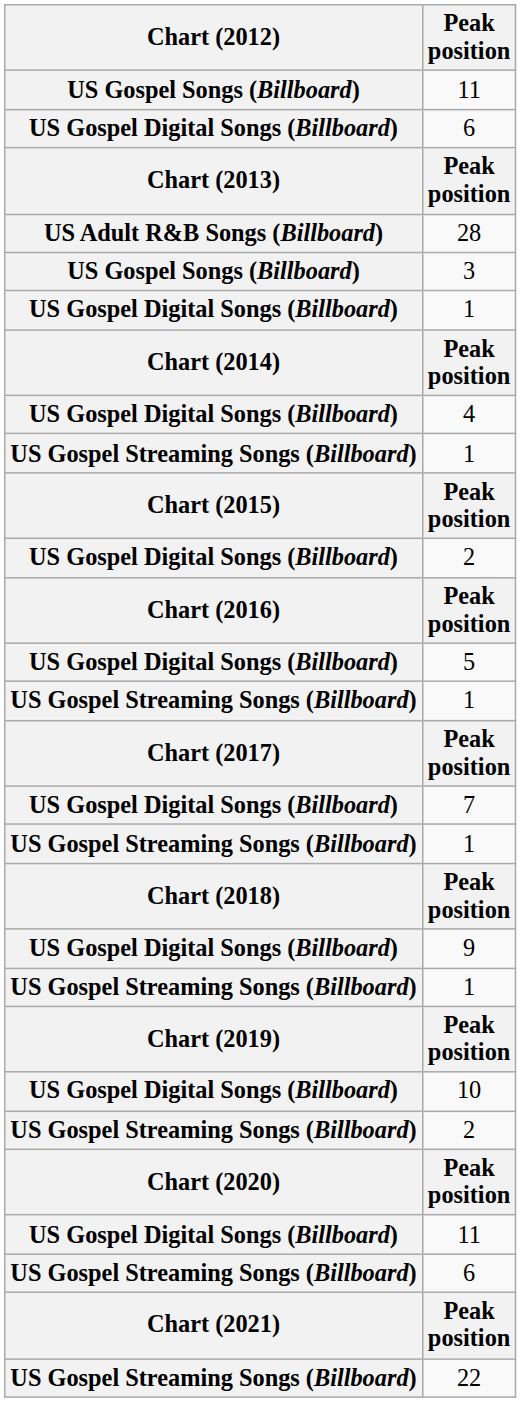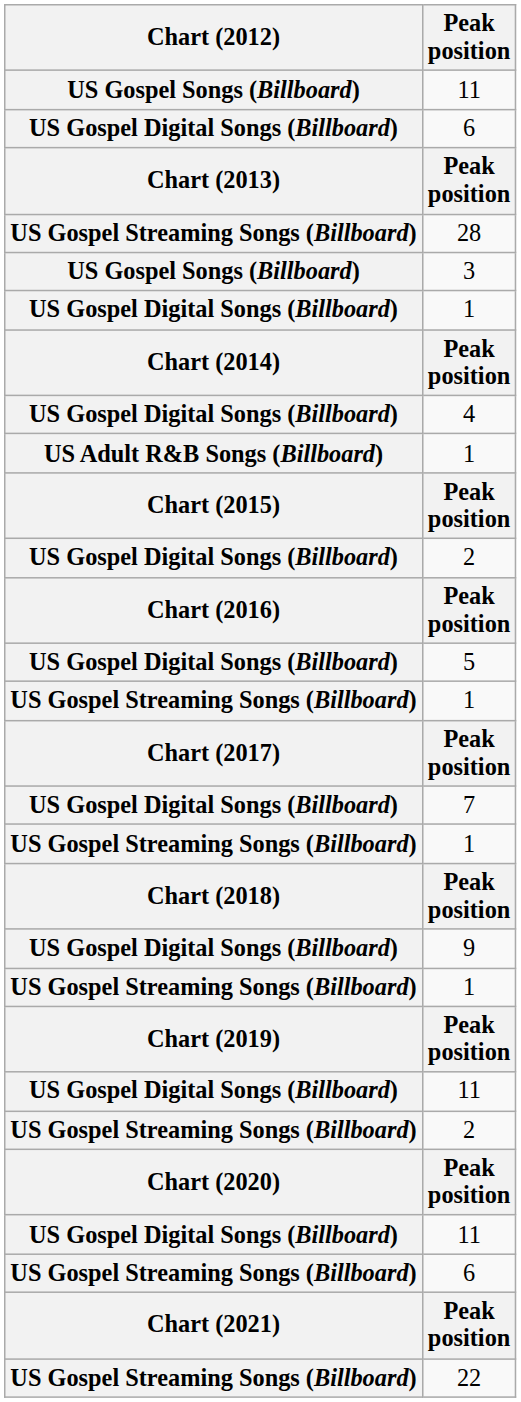 <table class="wikitable plainrowheaders">
 <tr>
 <th scope="col">Chart (2012)</th>
 <th scope="col">Peak<br>position</th>
 </tr>
 <tr>
 <th scope="row">US Gospel Songs (<em>Billboard</em>)</th>
 <td align="center">11</td>
 </tr>
 <tr>
 <th scope="row">US Gospel Digital Songs (<em>Billboard</em>)</th>
 <td style="text-align:center;">6</td>
 </tr>
 <tr>
 <th scope="col">Chart (2013)</th>
 <th scope="col">Peak<br>position</th>
 </tr>
 <tr>
-<th scope="row">US Adult R&B Songs (<em>Billboard</em>)</th>
+<th scope="row">US Gospel Streaming Songs (<em>Billboard</em>)</th>
 <td align="center">28</td>
 </tr>
 <tr>
 <th scope="row">US Gospel Songs (<em>Billboard</em>)</th>
 <td align="center">3</td>
 </tr>
 <tr>
 <th scope="row">US Gospel Digital Songs (<em>Billboard</em>)</th>
 <td style="text-align:center;">1</td>
 </tr>
 <tr>
 <th scope="col">Chart (2014)</th>
 <th scope="col">Peak<br>position</th>
 </tr>
 <tr>
 <th scope="row">US Gospel Digital Songs (<em>Billboard</em>)</th>
 <td style="text-align:center;">4</td>
 </tr>
 <tr>
-<th scope="row">US Gospel Streaming Songs (<em>Billboard</em>)</th>
+<th scope="row">US Adult R&B Songs (<em>Billboard</em>)</th>
 <td style="text-align:center;">1</td>
 </tr>
 <tr>
 <th scope="col">Chart (2015)</th>
 <th scope="col">Peak<br>position</th>
 </tr>
 <tr>
 <th scope="row">US Gospel Digital Songs (<em>Billboard</em>)</th>
 <td style="text-align:center;">2</td>
 </tr>
 <tr>
 <th scope="col">Chart (2016)</th>
 <th scope="col">Peak<br>position</th>
 </tr>
 <tr>
 <th scope="row">US Gospel Digital Songs (<em>Billboard</em>)</th>
 <td style="text-align:center;">5</td>
 </tr>
 <tr>
 <th scope="row">US Gospel Streaming Songs (<em>Billboard</em>)</th>
 <td style="text-align:center;">1</td>
 </tr>
 <tr>
 <th scope="col">Chart (2017)</th>
 <th scope="col">Peak<br>position</th>
 </tr>
 <tr>
 <th scope="row">US Gospel Digital Songs (<em>Billboard</em>)</th>
 <td style="text-align:center;">7</td>
 </tr>
 <tr>
 <th scope="row">US Gospel Streaming Songs (<em>Billboard</em>)</th>
 <td style="text-align:center;">1</td>
 </tr>
 <tr>
 <th scope="col">Chart (2018)</th>
 <th scope="col">Peak<br>position</th>
 </tr>
 <tr>
 <th scope="row">US Gospel Digital Songs (<em>Billboard</em>)</th>
 <td style="text-align:center;">9</td>
 </tr>
 <tr>
 <th scope="row">US Gospel Streaming Songs (<em>Billboard</em>)</th>
 <td style="text-align:center;">1</td>
 </tr>
 <tr>
 <th scope="col">Chart (2019)</th>
 <th scope="col">Peak<br>position</th>
 </tr>
 <tr>
 <th scope="row">US Gospel Digital Songs (<em>Billboard</em>)</th>
-<td style="text-align:center;">10</td>
+<td style="text-align:center;">11</td>
 </tr>
 <tr>
 <th scope="row">US Gospel Streaming Songs (<em>Billboard</em>)</th>
 <td style="text-align:center;">2</td>
 </tr>
 <tr>
 <th scope="col">Chart (2020)</th>
 <th scope="col">Peak<br>position</th>
 </tr>
 <tr>
 <th scope="row">US Gospel Digital Songs (<em>Billboard</em>)</th>
 <td style="text-align:center;">11</td>
 </tr>
 <tr>
 <th scope="row">US Gospel Streaming Songs (<em>Billboard</em>)</th>
 <td style="text-align:center;">6</td>
 </tr>
 <tr>
 <th scope="col">Chart (2021)</th>
 <th scope="col">Peak<br>position</th>
 </tr>
 <tr>
 <th scope="row">US Gospel Streaming Songs (<em>Billboard</em>)</th>
 <td style="text-align:center;">22</td>
 </tr>
 </table>
